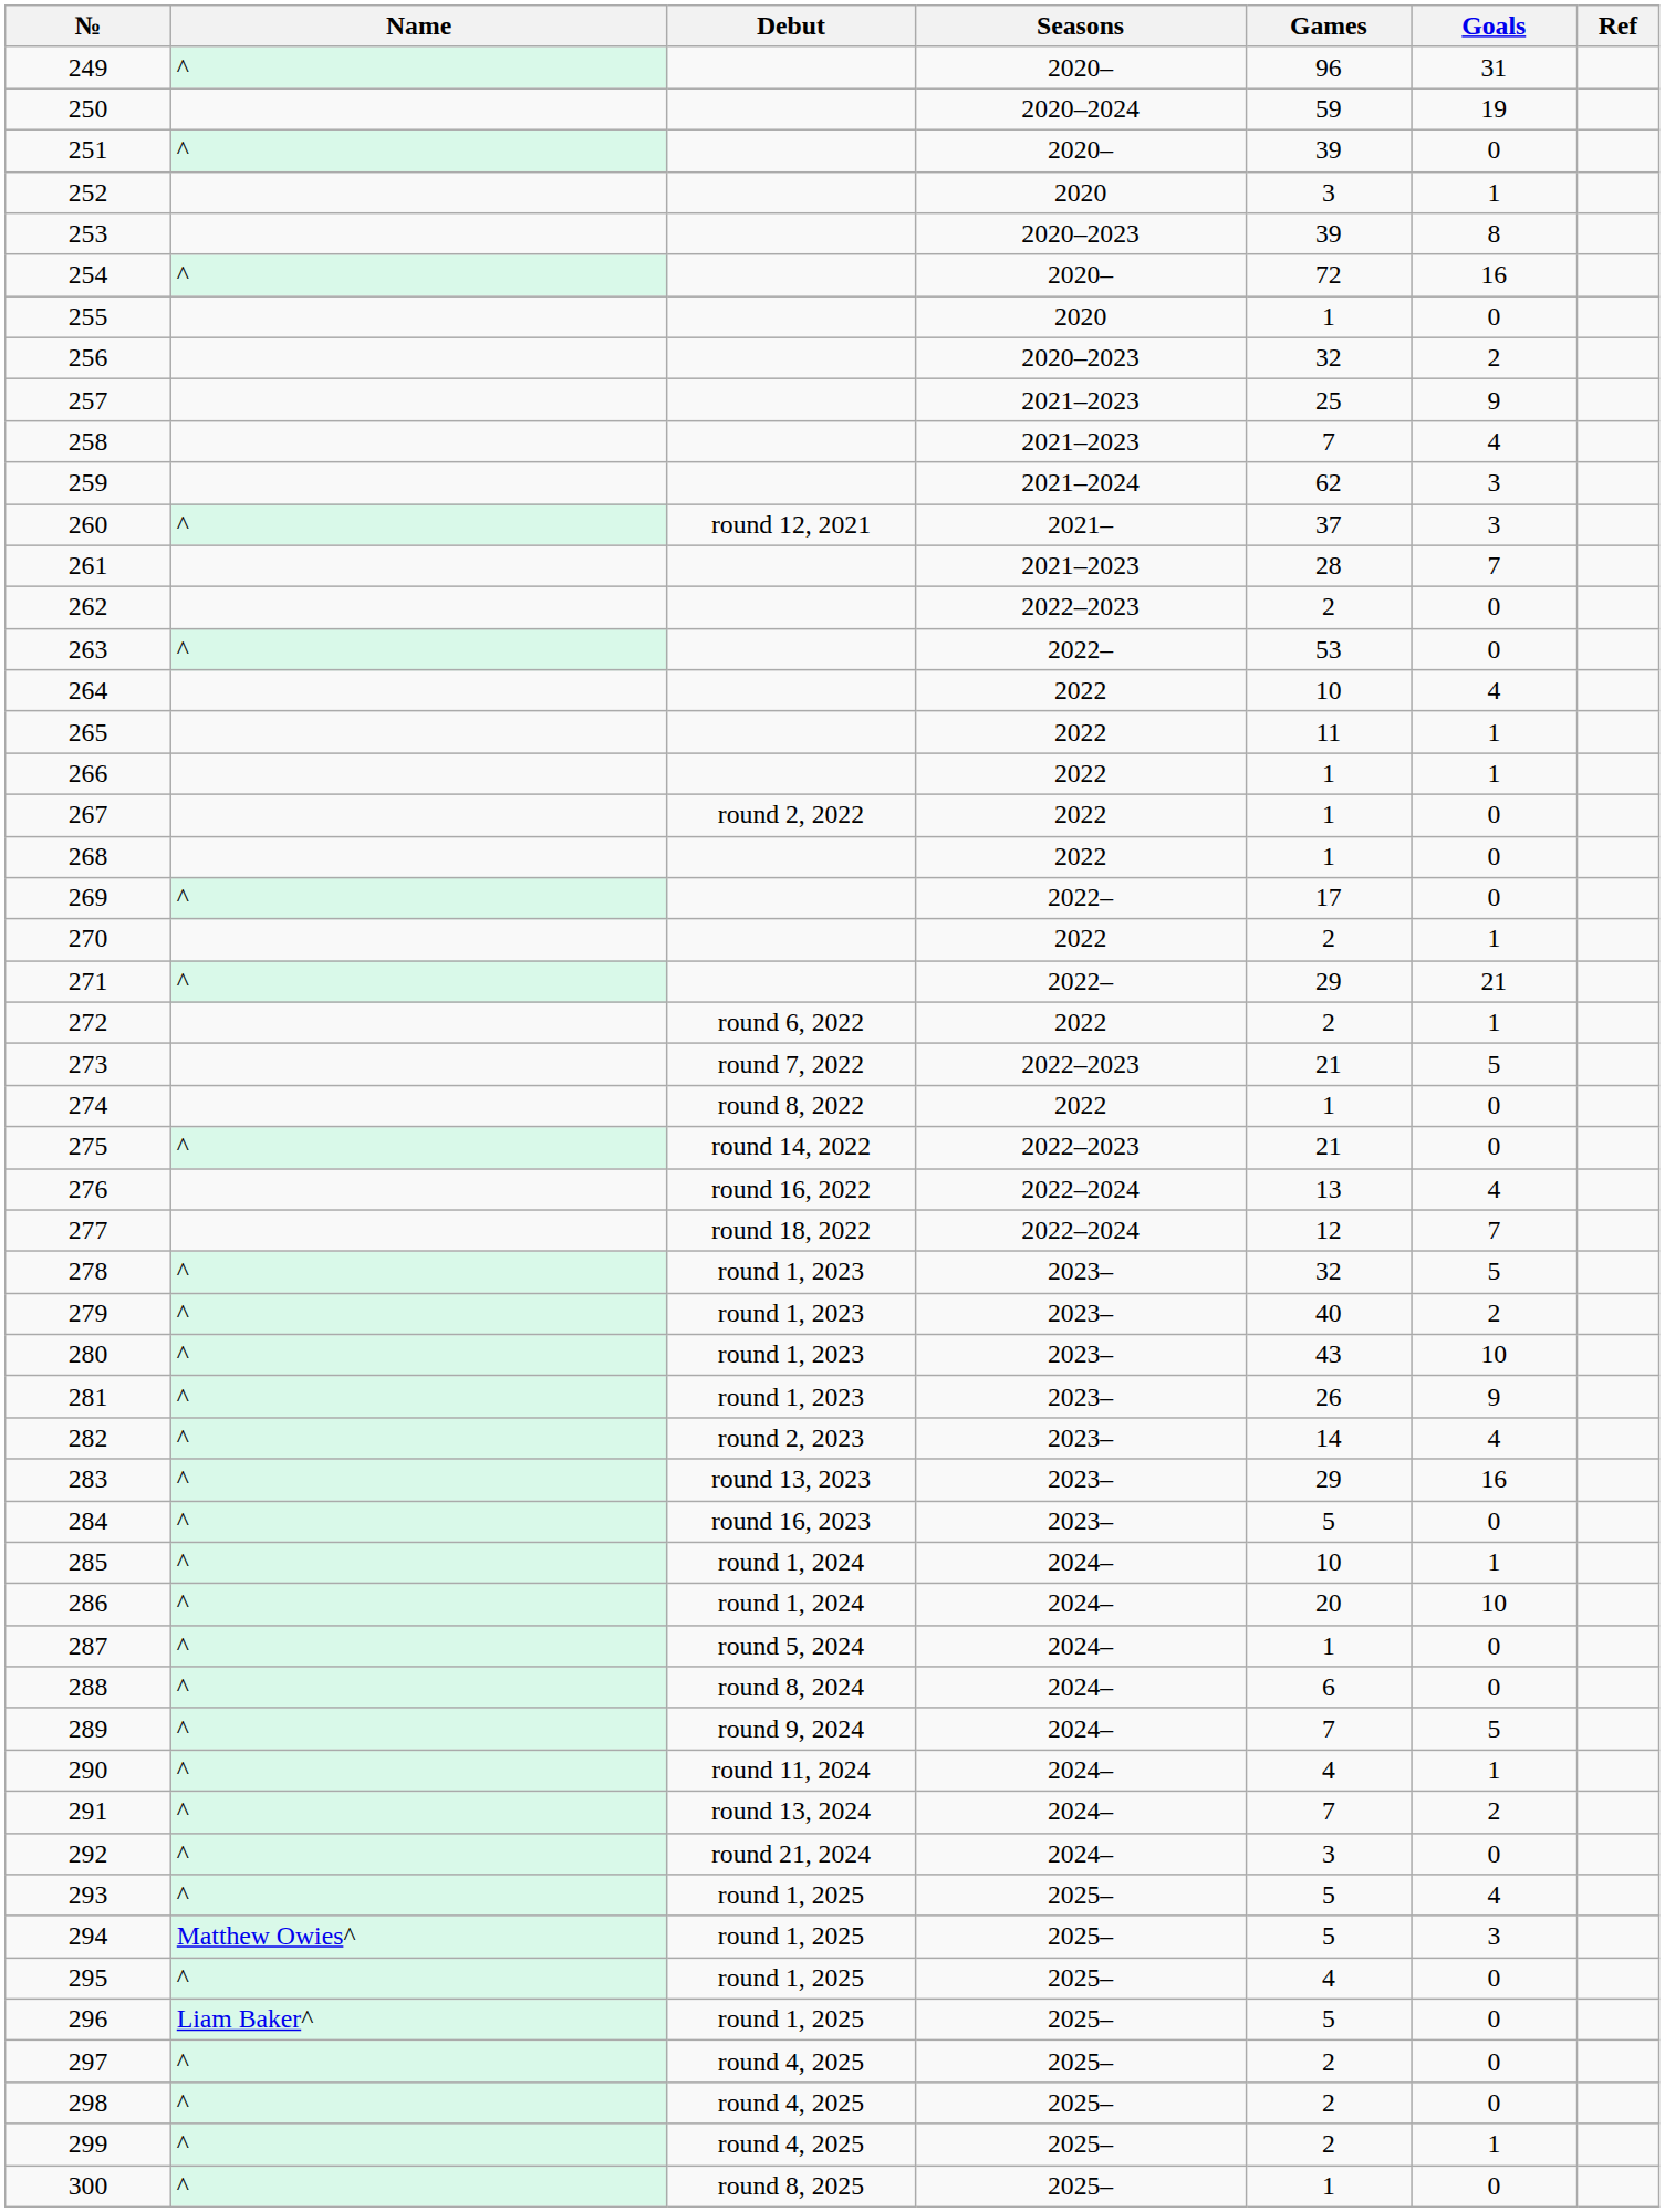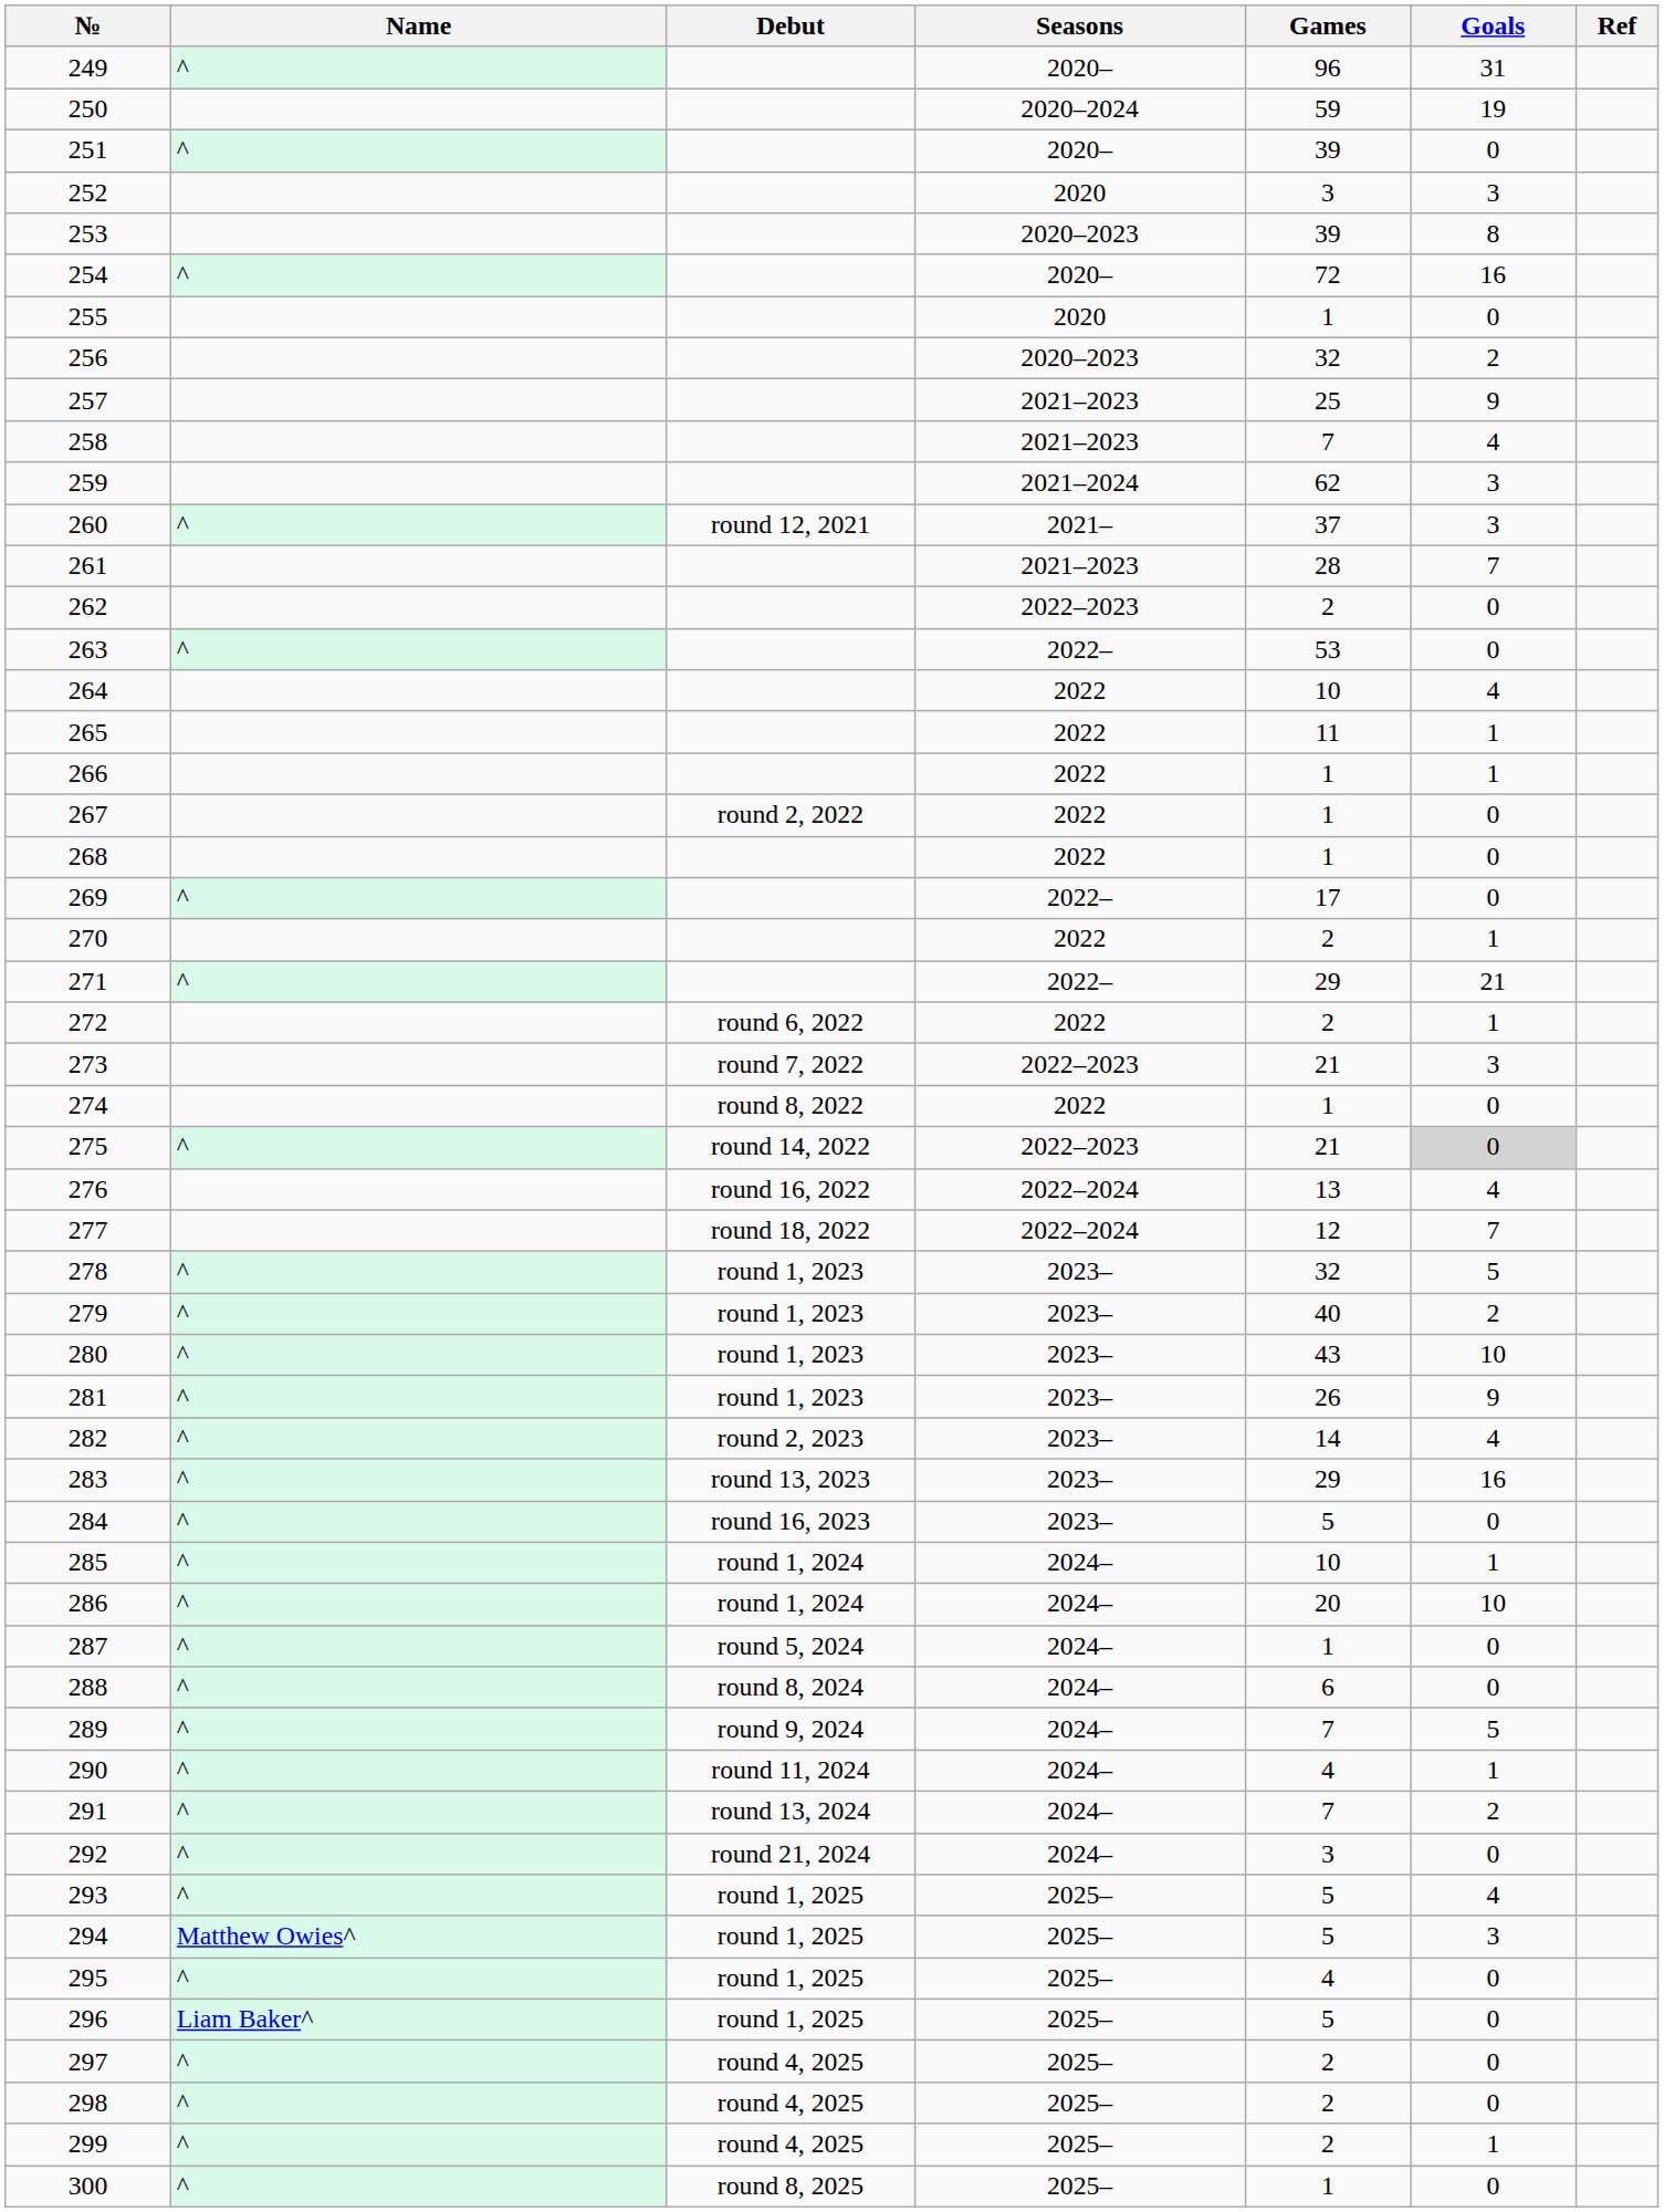 <table class="wikitable sortable" style="text-align:center; width:80%;">
 <tr>
 <th style="width=10%">№</th>
 <th style="width:30%">Name</th>
 <th style="width:15%">Debut</th>
 <th style="width:20%">Seasons</th>
 <th style="width:10%">Games</th>
 <th style="width:10%"><a href='#'>Goals</a></th>
 <th class="unsortable" style="width:5%">Ref</th>
 </tr>
 <tr>
 <td>249</td>
 <td style="text-align:left; background:#d9f9e9">^</td>
 <td></td>
 <td>2020–</td>
 <td>96</td>
 <td>31</td>
 <td></td>
 </tr>
 <tr>
 <td>250</td>
 <td style="text-align:left"></td>
 <td></td>
 <td>2020–2024</td>
 <td>59</td>
 <td>19</td>
 <td></td>
 </tr>
 <tr>
 <td>251</td>
 <td style="text-align:left; background:#d9f9e9">^</td>
 <td></td>
 <td>2020–</td>
 <td>39</td>
 <td>0</td>
 <td></td>
 </tr>
 <tr>
 <td>252</td>
 <td style="text-align:left"></td>
 <td></td>
 <td>2020</td>
 <td>3</td>
-<td>1</td>
+<td>3</td>
 <td></td>
 </tr>
 <tr>
 <td>253</td>
 <td style="text-align:left"></td>
 <td></td>
 <td>2020–2023</td>
 <td>39</td>
 <td>8</td>
 <td></td>
 </tr>
 <tr>
 <td>254</td>
 <td style="text-align:left; background:#d9f9e9">^</td>
 <td></td>
 <td>2020–</td>
 <td>72</td>
 <td>16</td>
 <td></td>
 </tr>
 <tr>
 <td>255</td>
 <td style="text-align:left"></td>
 <td></td>
 <td>2020</td>
 <td>1</td>
 <td>0</td>
 <td></td>
 </tr>
 <tr>
 <td>256</td>
 <td style="text-align:left"></td>
 <td></td>
 <td>2020–2023</td>
 <td>32</td>
 <td>2</td>
 <td></td>
 </tr>
 <tr>
 <td>257</td>
 <td style="text-align:left"></td>
 <td></td>
 <td>2021–2023</td>
 <td>25</td>
 <td>9</td>
 <td></td>
 </tr>
 <tr>
 <td>258</td>
 <td style="text-align:left"></td>
 <td></td>
 <td>2021–2023</td>
 <td>7</td>
 <td>4</td>
 <td></td>
 </tr>
 <tr>
 <td>259</td>
 <td style="text-align:left"></td>
 <td></td>
 <td>2021–2024</td>
 <td>62</td>
 <td>3</td>
 <td></td>
 </tr>
 <tr>
 <td>260</td>
 <td style="text-align:left; background:#d9f9e9">^</td>
 <td>round 12, 2021</td>
 <td>2021–</td>
 <td>37</td>
 <td>3</td>
 <td></td>
 </tr>
 <tr>
 <td>261</td>
 <td style="text-align:left"></td>
 <td></td>
 <td>2021–2023</td>
 <td>28</td>
 <td>7</td>
 <td></td>
 </tr>
 <tr>
 <td>262</td>
 <td style="text-align:left"></td>
 <td></td>
 <td>2022–2023</td>
 <td>2</td>
 <td>0</td>
 <td></td>
 </tr>
 <tr>
 <td>263</td>
 <td style="text-align:left; background:#d9f9e9">^</td>
 <td></td>
 <td>2022–</td>
 <td>53</td>
 <td>0</td>
 <td></td>
 </tr>
 <tr>
 <td>264</td>
 <td style="text-align:left"></td>
 <td></td>
 <td>2022</td>
 <td>10</td>
 <td>4</td>
 <td></td>
 </tr>
 <tr>
 <td>265</td>
 <td style="text-align:left"></td>
 <td></td>
 <td>2022</td>
 <td>11</td>
 <td>1</td>
 <td></td>
 </tr>
 <tr>
 <td>266</td>
 <td style="text-align:left"></td>
 <td></td>
 <td>2022</td>
 <td>1</td>
 <td>1</td>
 <td></td>
 </tr>
 <tr>
 <td>267</td>
 <td style="text-align:left"></td>
 <td>round 2, 2022</td>
 <td>2022</td>
 <td>1</td>
 <td>0</td>
 <td></td>
 </tr>
 <tr>
 <td>268</td>
 <td style="text-align:left"></td>
 <td></td>
 <td>2022</td>
 <td>1</td>
 <td>0</td>
 <td></td>
 </tr>
 <tr>
 <td>269</td>
 <td style="text-align:left; background:#d9f9e9">^</td>
 <td></td>
 <td>2022–</td>
 <td>17</td>
 <td>0</td>
 <td></td>
 </tr>
 <tr>
 <td>270</td>
 <td style="text-align:left"></td>
 <td></td>
 <td>2022</td>
 <td>2</td>
 <td>1</td>
 <td></td>
 </tr>
 <tr>
 <td>271</td>
 <td style="text-align:left; background:#d9f9e9">^</td>
 <td></td>
 <td>2022–</td>
 <td>29</td>
 <td>21</td>
 <td></td>
 </tr>
 <tr>
 <td>272</td>
 <td style="text-align:left"></td>
 <td>round 6, 2022</td>
 <td>2022</td>
 <td>2</td>
 <td>1</td>
 <td></td>
 </tr>
 <tr>
 <td>273</td>
 <td style="text-align:left"></td>
 <td>round 7, 2022</td>
 <td>2022–2023</td>
 <td>21</td>
-<td>5</td>
+<td>3</td>
 <td></td>
 </tr>
 <tr>
 <td>274</td>
 <td style="text-align:left"></td>
 <td>round 8, 2022</td>
 <td>2022</td>
 <td>1</td>
 <td>0</td>
 <td></td>
 </tr>
 <tr>
 <td>275</td>
 <td style="text-align:left;background:#d9f9e9">^</td>
 <td>round 14, 2022</td>
 <td>2022–2023</td>
 <td>21</td>
-<td>0</td>
+<td style="background: lightgrey;">0</td>
 <td></td>
 </tr>
 <tr>
 <td>276</td>
 <td style="text-align:left"></td>
 <td>round 16, 2022</td>
 <td>2022–2024</td>
 <td>13</td>
 <td>4</td>
 <td></td>
 </tr>
 <tr>
 <td>277</td>
 <td style="text-align:left"></td>
 <td>round 18, 2022</td>
 <td>2022–2024</td>
 <td>12</td>
 <td>7</td>
 <td></td>
 </tr>
 <tr>
 <td>278</td>
 <td style="text-align:left; background:#d9f9e9">^</td>
 <td>round 1, 2023</td>
 <td>2023–</td>
 <td>32</td>
 <td>5</td>
 <td></td>
 </tr>
 <tr>
 <td>279</td>
 <td style="text-align:left; background:#d9f9e9">^</td>
 <td>round 1, 2023</td>
 <td>2023–</td>
 <td>40</td>
 <td>2</td>
 <td></td>
 </tr>
 <tr>
 <td>280</td>
 <td style="text-align:left; background:#d9f9e9">^</td>
 <td>round 1, 2023</td>
 <td>2023–</td>
 <td>43</td>
 <td>10</td>
 <td></td>
 </tr>
 <tr>
 <td>281</td>
 <td style="text-align:left; background:#d9f9e9">^</td>
 <td>round 1, 2023</td>
 <td>2023–</td>
 <td>26</td>
 <td>9</td>
 <td></td>
 </tr>
 <tr>
 <td>282</td>
 <td style="text-align:left; background:#d9f9e9">^</td>
 <td>round 2, 2023</td>
 <td>2023–</td>
 <td>14</td>
 <td>4</td>
 <td></td>
 </tr>
 <tr>
 <td>283</td>
 <td style="text-align:left; background:#d9f9e9">^</td>
 <td>round 13, 2023</td>
 <td>2023–</td>
 <td>29</td>
 <td>16</td>
 <td></td>
 </tr>
 <tr>
 <td>284</td>
 <td style="text-align:left; background:#d9f9e9">^</td>
 <td>round 16, 2023</td>
 <td>2023–</td>
 <td>5</td>
 <td>0</td>
 <td></td>
 </tr>
 <tr>
 <td>285</td>
 <td style="text-align:left; background:#d9f9e9">^</td>
 <td>round 1, 2024</td>
 <td>2024–</td>
 <td>10</td>
 <td>1</td>
 <td></td>
 </tr>
 <tr>
 <td>286</td>
 <td style="text-align:left; background:#d9f9e9">^</td>
 <td>round 1, 2024</td>
 <td>2024–</td>
 <td>20</td>
 <td>10</td>
 <td></td>
 </tr>
 <tr>
 <td>287</td>
 <td style="text-align:left; background:#d9f9e9">^</td>
 <td>round 5, 2024</td>
 <td>2024–</td>
 <td>1</td>
 <td>0</td>
 <td></td>
 </tr>
 <tr>
 <td>288</td>
 <td style="text-align:left; background:#d9f9e9">^</td>
 <td>round 8, 2024</td>
 <td>2024–</td>
 <td>6</td>
 <td>0</td>
 <td></td>
 </tr>
 <tr>
 <td>289</td>
 <td style="text-align:left; background:#d9f9e9">^</td>
 <td>round 9, 2024</td>
 <td>2024–</td>
 <td>7</td>
 <td>5</td>
 <td></td>
 </tr>
 <tr>
 <td>290</td>
 <td style="text-align:left; background:#d9f9e9">^</td>
 <td>round 11, 2024</td>
 <td>2024–</td>
 <td>4</td>
 <td>1</td>
 <td></td>
 </tr>
 <tr>
 <td>291</td>
 <td style="text-align:left; background:#d9f9e9">^</td>
 <td>round 13, 2024</td>
 <td>2024–</td>
 <td>7</td>
 <td>2</td>
 <td></td>
 </tr>
 <tr>
 <td>292</td>
 <td style="text-align:left; background:#d9f9e9">^</td>
 <td>round 21, 2024</td>
 <td>2024–</td>
 <td>3</td>
 <td>0</td>
 <td></td>
 </tr>
 <tr>
 <td>293</td>
 <td style="text-align:left; background:#d9f9e9">^</td>
 <td>round 1, 2025</td>
 <td>2025–</td>
 <td>5</td>
 <td>4</td>
 <td></td>
 </tr>
 <tr>
 <td>294</td>
 <td style="text-align:left; background:#d9f9e9"><a href='#'>Matthew Owies</a>^</td>
 <td>round 1, 2025</td>
 <td>2025–</td>
 <td>5</td>
 <td>3</td>
 <td></td>
 </tr>
 <tr>
 <td>295</td>
 <td style="text-align:left; background:#d9f9e9">^</td>
 <td>round 1, 2025</td>
 <td>2025–</td>
 <td>4</td>
 <td>0</td>
 <td></td>
 </tr>
 <tr>
 <td>296</td>
 <td style="text-align:left; background:#d9f9e9"><a href='#'>Liam Baker</a>^</td>
 <td>round 1, 2025</td>
 <td>2025–</td>
 <td>5</td>
 <td>0</td>
 <td></td>
 </tr>
 <tr>
 <td>297</td>
 <td style="text-align:left; background:#d9f9e9">^</td>
 <td>round 4, 2025</td>
 <td>2025–</td>
 <td>2</td>
 <td>0</td>
 <td></td>
 </tr>
 <tr>
 <td>298</td>
 <td style="text-align:left; background:#d9f9e9">^</td>
 <td>round 4, 2025</td>
 <td>2025–</td>
 <td>2</td>
 <td>0</td>
 <td></td>
 </tr>
 <tr>
 <td>299</td>
 <td style="text-align:left; background:#d9f9e9">^</td>
 <td>round 4, 2025</td>
 <td>2025–</td>
 <td>2</td>
 <td>1</td>
 <td></td>
 </tr>
 <tr>
 <td>300</td>
 <td style="text-align:left; background:#d9f9e9">^</td>
 <td>round 8, 2025</td>
 <td>2025–</td>
 <td>1</td>
 <td>0</td>
 <td></td>
 </tr>
 </table>
